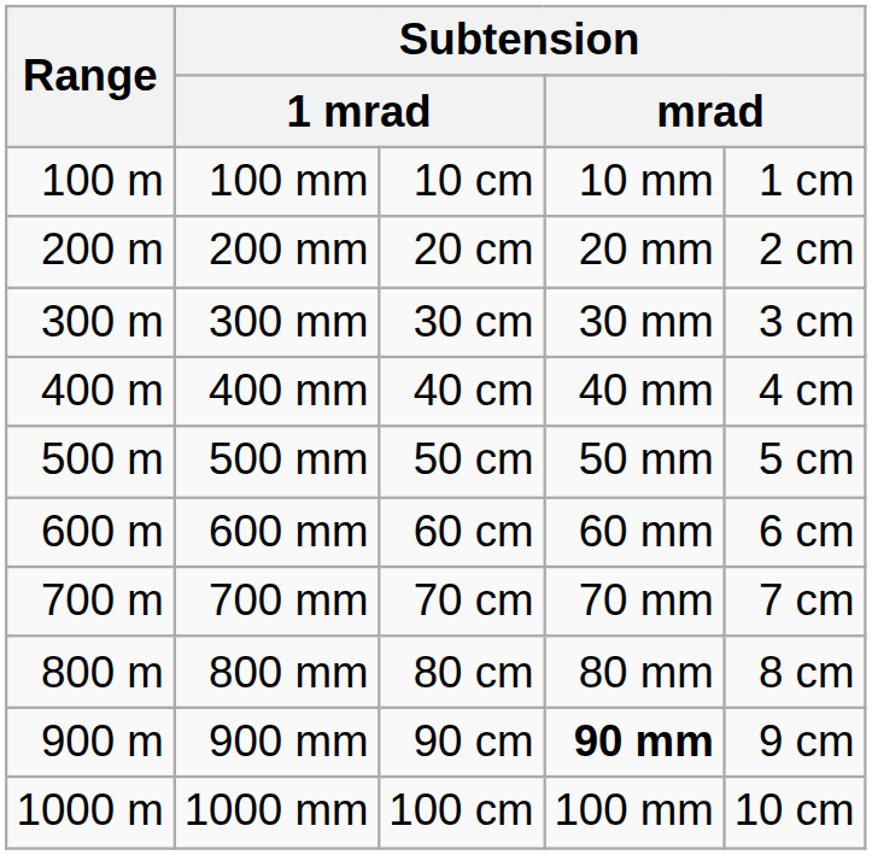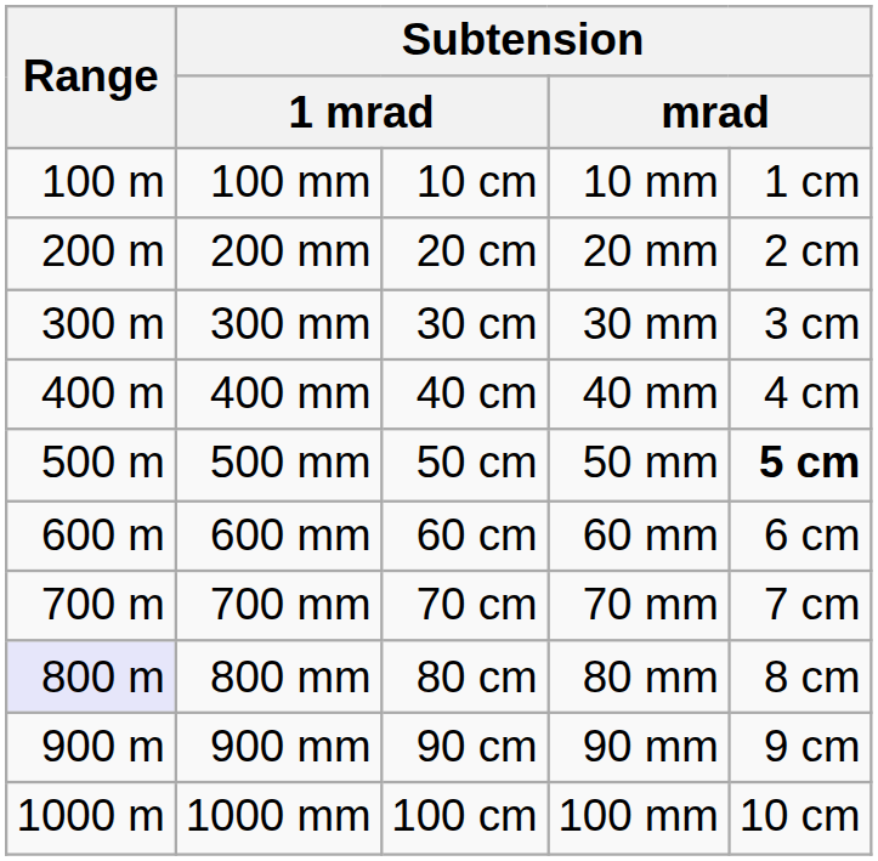 <table class="wikitable sortable" style="text-align:right;">
 <tr>
 <th rowspan=2>Range</th>
 <th colspan=4>Subtension</th>
 </tr>
 <tr>
 <th colspan=2>1 mrad</th>
 <th colspan=2> mrad</th>
 </tr>
 <tr>
 <td>100 m</td>
 <td>100 mm</td>
 <td>10 cm</td>
 <td>10 mm</td>
 <td>1 cm</td>
 </tr>
 <tr>
 <td>200 m</td>
 <td>200 mm</td>
 <td>20 cm</td>
 <td>20 mm</td>
 <td>2 cm</td>
 </tr>
 <tr>
 <td>300 m</td>
 <td>300 mm</td>
 <td>30 cm</td>
 <td>30 mm</td>
 <td>3 cm</td>
 </tr>
 <tr>
 <td>400 m</td>
 <td>400 mm</td>
 <td>40 cm</td>
 <td>40 mm</td>
 <td>4 cm</td>
 </tr>
 <tr>
 <td>500 m</td>
 <td>500 mm</td>
 <td>50 cm</td>
 <td>50 mm</td>
-<td>5 cm</td>
+<td><strong>5 cm</strong></td>
 </tr>
 <tr>
 <td>600 m</td>
 <td>600 mm</td>
 <td>60 cm</td>
 <td>60 mm</td>
 <td>6 cm</td>
 </tr>
 <tr>
 <td>700 m</td>
 <td>700 mm</td>
 <td>70 cm</td>
 <td>70 mm</td>
 <td>7 cm</td>
 </tr>
 <tr>
-<td>800 m</td>
+<td style="background: lavender;">800 m</td>
 <td>800 mm</td>
 <td>80 cm</td>
 <td>80 mm</td>
 <td>8 cm</td>
 </tr>
 <tr>
 <td>900 m</td>
 <td>900 mm</td>
 <td>90 cm</td>
-<td><strong>90 mm</strong></td>
+<td>90 mm</td>
 <td>9 cm</td>
 </tr>
 <tr>
 <td>1000 m</td>
 <td>1000 mm</td>
 <td>100 cm</td>
 <td>100 mm</td>
 <td>10 cm</td>
 </tr>
 </table>
